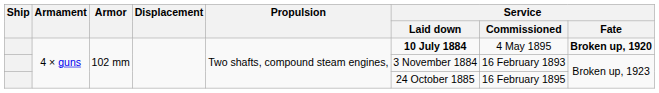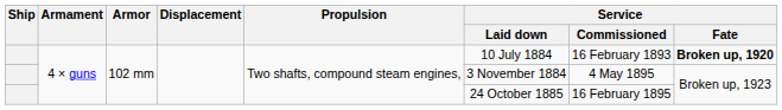 <table class="wikitable plainrowheaders" style="text-align: center;">
 <tr valign="top">
 <th scope="col" rowspan="2">Ship</th>
 <th scope="col" rowspan="2">Armament</th>
 <th scope="col" rowspan="2">Armor</th>
 <th scope="col" rowspan="2">Displacement</th>
 <th scope="col" rowspan="2">Propulsion</th>
 <th scope="col" colspan="3">Service</th>
 </tr>
 <tr valign="top">
 <th scope="col">Laid down</th>
 <th scope="col">Commissioned</th>
 <th scope="col">Fate</th>
 </tr>
 <tr valign="center">
 <th scope="row"></th>
 <td rowspan="3">4 × <a href='#'> guns</a></td>
 <td rowspan="3">102 mm</td>
 <td rowspan="3"></td>
 <td rowspan="3">Two shafts, compound steam engines, </td>
-<td><strong>10 July 1884</strong></td>
-<td>4 May 1895</td>
+<td>10 July 1884</td>
+<td>16 February 1893</td>
 <td><strong>Broken up, 1920</strong></td>
 </tr>
 <tr valign="center">
 <th scope="row"></th>
 <td>3 November 1884</td>
-<td>16 February 1893</td>
+<td>4 May 1895</td>
 <td rowspan="2">Broken up, 1923</td>
 </tr>
 <tr valign="center">
 <th scope="row"></th>
 <td>24 October 1885</td>
 <td>16 February 1895</td>
 </tr>
 </table>
